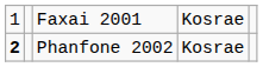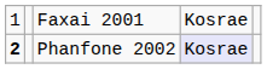 <table class="wikitable">
 <tr>
 <td>1</td>
 <td></td>
 <td>Faxai 2001</td>
 <td>Kosrae</td>
 <td></td>
 </tr>
 <tr>
 <td><strong>2</strong></td>
 <td></td>
 <td>Phanfone 2002</td>
-<td>Kosrae</td>
+<td style="background: lavender;">Kosrae</td>
 <td></td>
 </tr>
 </table>
